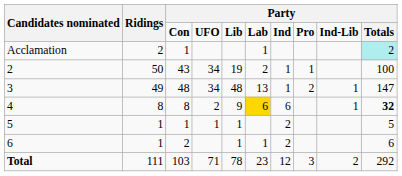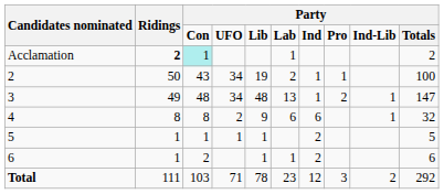 <table class="wikitable" style="text-align:right;">
 <tr>
 <th rowspan="2">Candidates nominated</th>
 <th rowspan="2">Ridings</th>
 <th colspan="8">Party</th>
 </tr>
 <tr>
 <td><strong>Con</strong></td>
 <td><strong>UFO</strong></td>
 <td><strong>Lib</strong></td>
 <td><strong>Lab</strong></td>
 <td><strong>Ind</strong></td>
 <td><strong>Pro</strong></td>
 <td><strong>Ind-Lib</strong></td>
 <th>Totals</th>
 </tr>
 <tr>
 <td style="text-align:left;">Acclamation</td>
-<td>2</td>
-<td>1</td>
+<td><strong>2</strong></td>
+<td style="background: paleturquoise;">1</td>
 <td></td>
 <td></td>
 <td>1</td>
 <td></td>
 <td></td>
 <td></td>
-<td style="background: paleturquoise;">2</td>
+<td>2</td>
 </tr>
 <tr>
 <td style="text-align:left;">2</td>
 <td>50</td>
 <td>43</td>
 <td>34</td>
 <td>19</td>
 <td>2</td>
 <td>1</td>
 <td>1</td>
 <td></td>
 <td>100</td>
 </tr>
 <tr>
 <td style="text-align:left;">3</td>
 <td>49</td>
 <td>48</td>
 <td>34</td>
 <td>48</td>
 <td>13</td>
 <td>1</td>
 <td>2</td>
 <td>1</td>
 <td>147</td>
 </tr>
 <tr>
 <td style="text-align:left;">4</td>
 <td>8</td>
 <td>8</td>
 <td>2</td>
 <td>9</td>
-<td style="background: gold;">6</td>
+<td>6</td>
 <td>6</td>
 <td></td>
 <td>1</td>
-<td><strong>32</strong></td>
+<td>32</td>
 </tr>
 <tr>
 <td style="text-align:left;">5</td>
 <td>1</td>
 <td>1</td>
 <td>1</td>
 <td>1</td>
 <td></td>
 <td>2</td>
 <td></td>
 <td></td>
 <td>5</td>
 </tr>
 <tr>
 <td style="text-align:left;">6</td>
 <td>1</td>
 <td>2</td>
 <td></td>
 <td>1</td>
 <td>1</td>
 <td>2</td>
 <td></td>
 <td></td>
 <td>6</td>
 </tr>
 <tr>
 <td style="text-align:left;"><strong>Total</strong></td>
 <td>111</td>
 <td>103</td>
 <td>71</td>
 <td>78</td>
 <td>23</td>
 <td>12</td>
 <td>3</td>
 <td>2</td>
 <td>292</td>
 </tr>
 </table>
